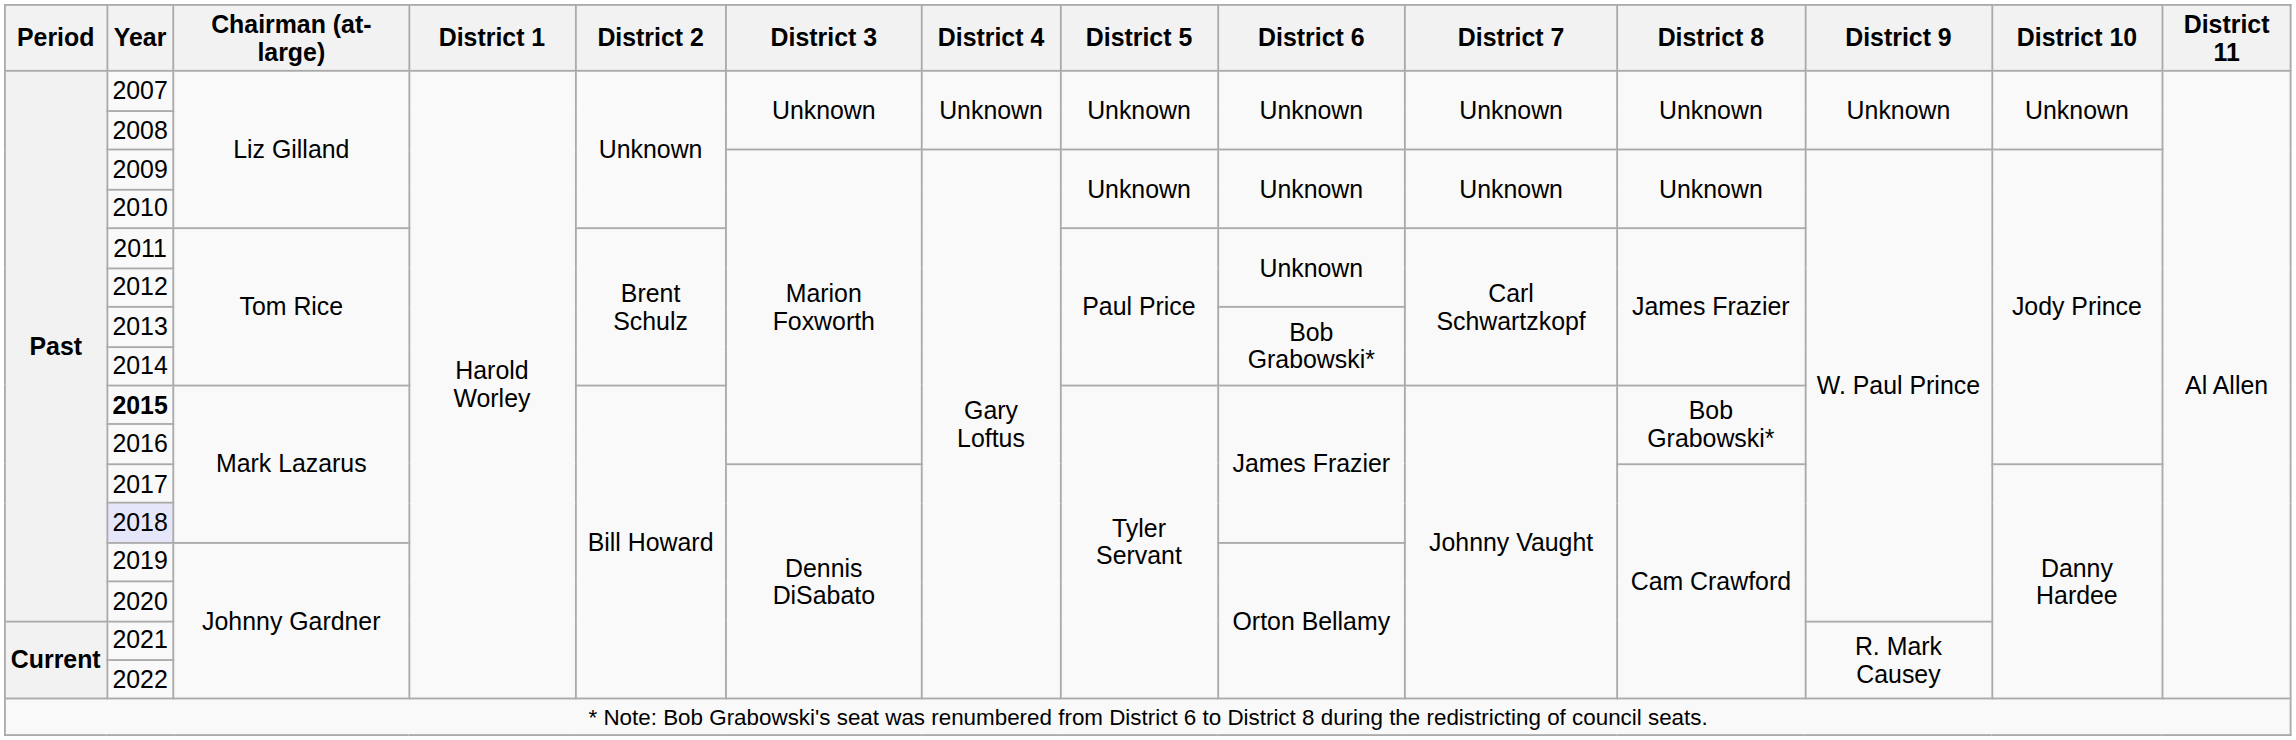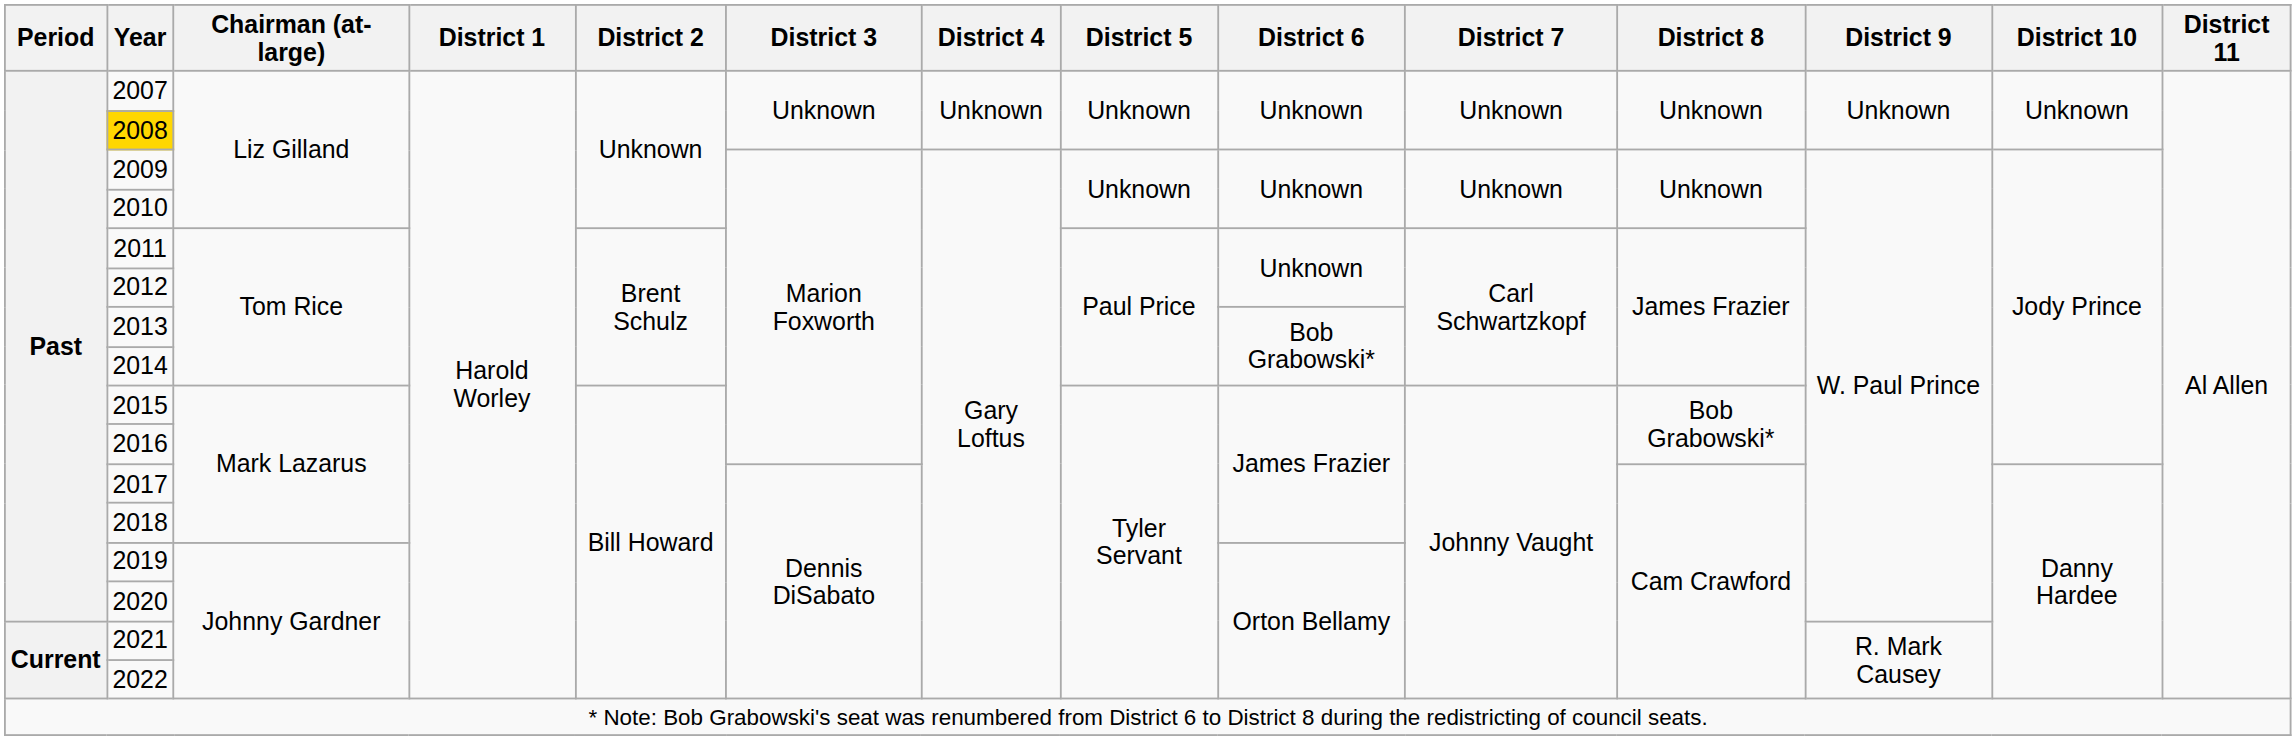 <table class="wikitable" style="text-align:center;font-size:85%">
 <tr>
 <th>Period</th>
 <th>Year</th>
 <th>Chairman (at-large)</th>
 <th>District 1</th>
 <th>District 2</th>
 <th>District 3</th>
 <th>District 4</th>
 <th>District 5</th>
 <th>District 6</th>
 <th>District 7</th>
 <th>District 8</th>
 <th>District 9</th>
 <th>District 10</th>
 <th>District 11</th>
 </tr>
 <tr>
 <th rowspan="14">Past</th>
 <td>2007</td>
 <td rowspan="4" >Liz Gilland</td>
 <td rowspan="16" >Harold Worley</td>
 <td rowspan="4" >Unknown</td>
 <td rowspan="2" >Unknown</td>
 <td rowspan="2" >Unknown</td>
 <td rowspan="2" >Unknown</td>
 <td rowspan="2" >Unknown</td>
 <td rowspan="2" >Unknown</td>
 <td rowspan="2" >Unknown</td>
 <td rowspan="2" >Unknown</td>
 <td rowspan="2" >Unknown</td>
 <td rowspan="16" >Al Allen</td>
 </tr>
 <tr>
-<td>2008</td>
+<td style="background: gold;">2008</td>
 </tr>
 <tr>
 <td>2009</td>
 <td rowspan="8" >Marion Foxworth</td>
 <td rowspan="14" >Gary Loftus</td>
 <td rowspan="2" >Unknown</td>
 <td rowspan="2" >Unknown</td>
 <td rowspan="2" >Unknown</td>
 <td rowspan="2" >Unknown</td>
 <td rowspan="12" >W. Paul Prince</td>
 <td rowspan="8" >Jody Prince</td>
 </tr>
 <tr>
 <td>2010</td>
 </tr>
 <tr>
 <td>2011</td>
 <td rowspan="4" >Tom Rice</td>
 <td rowspan="4" >Brent Schulz</td>
 <td rowspan="4" >Paul Price</td>
 <td rowspan="2" >Unknown</td>
 <td rowspan="4" >Carl Schwartzkopf</td>
 <td rowspan="4" >James Frazier</td>
 </tr>
 <tr>
 <td>2012</td>
 </tr>
 <tr>
 <td>2013</td>
 <td rowspan="2" >Bob Grabowski*</td>
 </tr>
 <tr>
 <td>2014</td>
 </tr>
 <tr>
-<td><strong>2015</strong></td>
+<td>2015</td>
 <td rowspan="4" >Mark Lazarus</td>
 <td rowspan="8" >Bill Howard</td>
 <td rowspan="8" >Tyler Servant</td>
 <td rowspan="4" >James Frazier</td>
 <td rowspan="8" >Johnny Vaught</td>
 <td rowspan="2" >Bob Grabowski*</td>
 </tr>
 <tr>
 <td>2016</td>
 </tr>
 <tr>
 <td>2017</td>
 <td rowspan="6" >Dennis DiSabato</td>
 <td rowspan="6" >Cam Crawford</td>
 <td rowspan="6" >Danny Hardee</td>
 </tr>
 <tr>
-<td style="background: lavender;">2018</td>
+<td>2018</td>
 </tr>
 <tr>
 <td>2019</td>
 <td rowspan="4" >Johnny Gardner</td>
 <td rowspan="4" >Orton Bellamy</td>
 </tr>
 <tr>
 <td>2020</td>
 </tr>
 <tr>
 <th rowspan="2">Current</th>
 <td>2021</td>
 <td rowspan="2" >R. Mark Causey</td>
 </tr>
 <tr>
 <td>2022</td>
 </tr>
 <tr>
 <td colspan="14" style="font-size:90%">* Note: Bob Grabowski's seat was renumbered from District 6 to District 8 during the redistricting of council seats.</td>
 </tr>
 </table>
